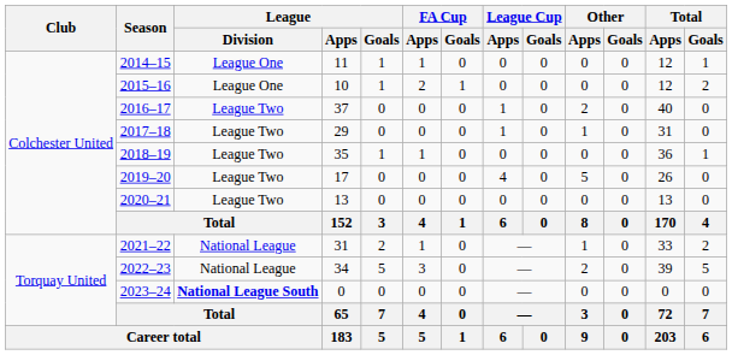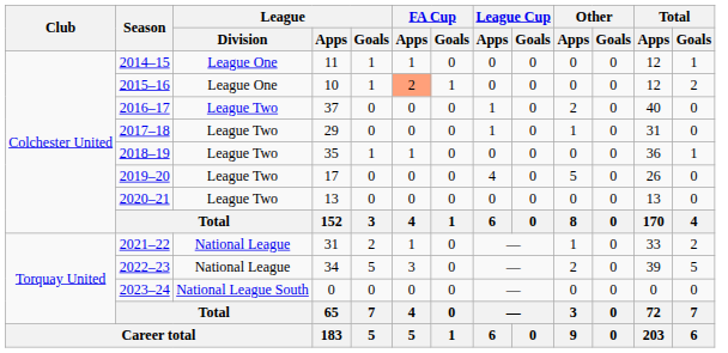 <table class=wikitable style="text-align:center">
 <tr>
 <th rowspan=2>Club</th>
 <th rowspan=2>Season</th>
 <th colspan=3>League</th>
 <th colspan=2><a href='#'>FA Cup</a></th>
 <th colspan=2><a href='#'>League Cup</a></th>
 <th colspan=2>Other</th>
 <th colspan=2>Total</th>
 </tr>
 <tr>
 <th>Division</th>
 <th>Apps</th>
 <th>Goals</th>
 <th>Apps</th>
 <th>Goals</th>
 <th>Apps</th>
 <th>Goals</th>
 <th>Apps</th>
 <th>Goals</th>
 <th>Apps</th>
 <th>Goals</th>
 </tr>
 <tr>
 <td rowspan=8><a href='#'>Colchester United</a></td>
 <td><a href='#'>2014–15</a></td>
 <td><a href='#'>League One</a></td>
 <td>11</td>
 <td>1</td>
 <td>1</td>
 <td>0</td>
 <td>0</td>
 <td>0</td>
 <td>0</td>
 <td>0</td>
 <td>12</td>
 <td>1</td>
 </tr>
 <tr>
 <td><a href='#'>2015–16</a></td>
 <td>League One</td>
 <td>10</td>
 <td>1</td>
-<td>2</td>
+<td style="background: lightsalmon;">2</td>
 <td>1</td>
 <td>0</td>
 <td>0</td>
 <td>0</td>
 <td>0</td>
 <td>12</td>
 <td>2</td>
 </tr>
 <tr>
 <td><a href='#'>2016–17</a></td>
 <td><a href='#'>League Two</a></td>
 <td>37</td>
 <td>0</td>
 <td>0</td>
 <td>0</td>
 <td>1</td>
 <td>0</td>
 <td>2</td>
 <td>0</td>
 <td>40</td>
 <td>0</td>
 </tr>
 <tr>
 <td><a href='#'>2017–18</a></td>
 <td>League Two</td>
 <td>29</td>
 <td>0</td>
 <td>0</td>
 <td>0</td>
 <td>1</td>
 <td>0</td>
 <td>1</td>
 <td>0</td>
 <td>31</td>
 <td>0</td>
 </tr>
 <tr>
 <td><a href='#'>2018–19</a></td>
 <td>League Two</td>
 <td>35</td>
 <td>1</td>
 <td>1</td>
 <td>0</td>
 <td>0</td>
 <td>0</td>
 <td>0</td>
 <td>0</td>
 <td>36</td>
 <td>1</td>
 </tr>
 <tr>
 <td><a href='#'>2019–20</a></td>
 <td>League Two</td>
 <td>17</td>
 <td>0</td>
 <td>0</td>
 <td>0</td>
 <td>4</td>
 <td>0</td>
 <td>5</td>
 <td>0</td>
 <td>26</td>
 <td>0</td>
 </tr>
 <tr>
 <td><a href='#'>2020–21</a></td>
 <td>League Two</td>
 <td>13</td>
 <td>0</td>
 <td>0</td>
 <td>0</td>
 <td>0</td>
 <td>0</td>
 <td>0</td>
 <td>0</td>
 <td>13</td>
 <td>0</td>
 </tr>
 <tr>
 <th colspan=2>Total</th>
 <th>152</th>
 <th>3</th>
 <th>4</th>
 <th>1</th>
 <th>6</th>
 <th>0</th>
 <th>8</th>
 <th>0</th>
 <th>170</th>
 <th>4</th>
 </tr>
 <tr>
 <td rowspan=4><a href='#'>Torquay United</a></td>
 <td><a href='#'>2021–22</a></td>
 <td><a href='#'>National League</a></td>
 <td>31</td>
 <td>2</td>
 <td>1</td>
 <td>0</td>
 <td colspan=2>—</td>
 <td>1</td>
 <td>0</td>
 <td>33</td>
 <td>2</td>
 </tr>
 <tr>
 <td><a href='#'>2022–23</a></td>
 <td>National League</td>
 <td>34</td>
 <td>5</td>
 <td>3</td>
 <td>0</td>
 <td colspan=2>—</td>
 <td>2</td>
 <td>0</td>
 <td>39</td>
 <td>5</td>
 </tr>
 <tr>
 <td><a href='#'>2023–24</a></td>
-<td><strong><a href='#'>National League South</a></strong></td>
+<td><a href='#'>National League South</a></td>
 <td>0</td>
 <td>0</td>
 <td>0</td>
 <td>0</td>
 <td colspan=2>—</td>
 <td>0</td>
 <td>0</td>
 <td>0</td>
 <td>0</td>
 </tr>
 <tr>
 <th colspan=2>Total</th>
 <th>65</th>
 <th>7</th>
 <th>4</th>
 <th>0</th>
 <th colspan=2>—</th>
 <th>3</th>
 <th>0</th>
 <th>72</th>
 <th>7</th>
 </tr>
 <tr>
 <th colspan=3>Career total</th>
 <th>183</th>
 <th>5</th>
 <th>5</th>
 <th>1</th>
 <th>6</th>
 <th>0</th>
 <th>9</th>
 <th>0</th>
 <th>203</th>
 <th>6</th>
 </tr>
 </table>
